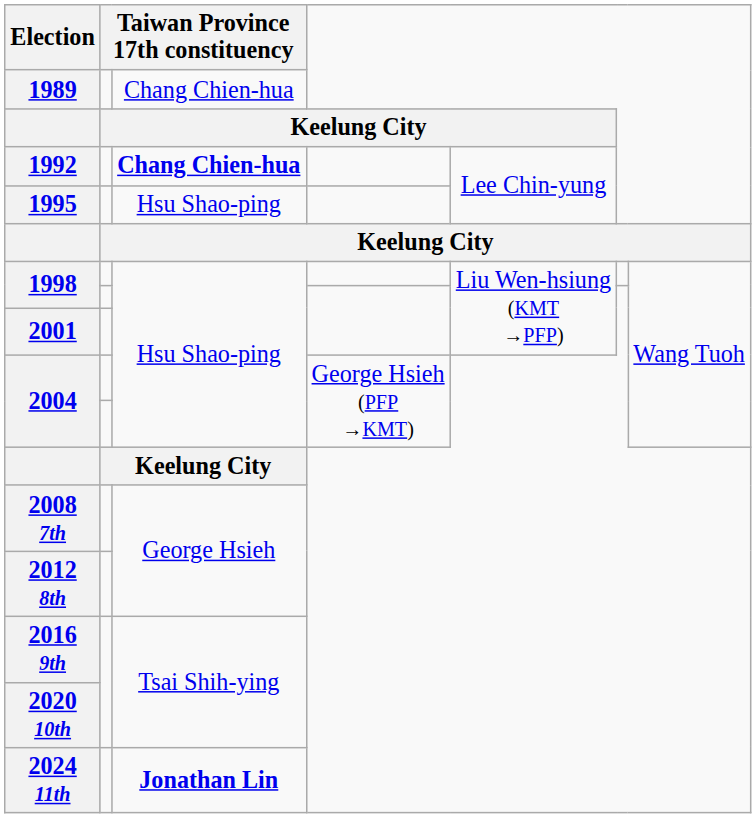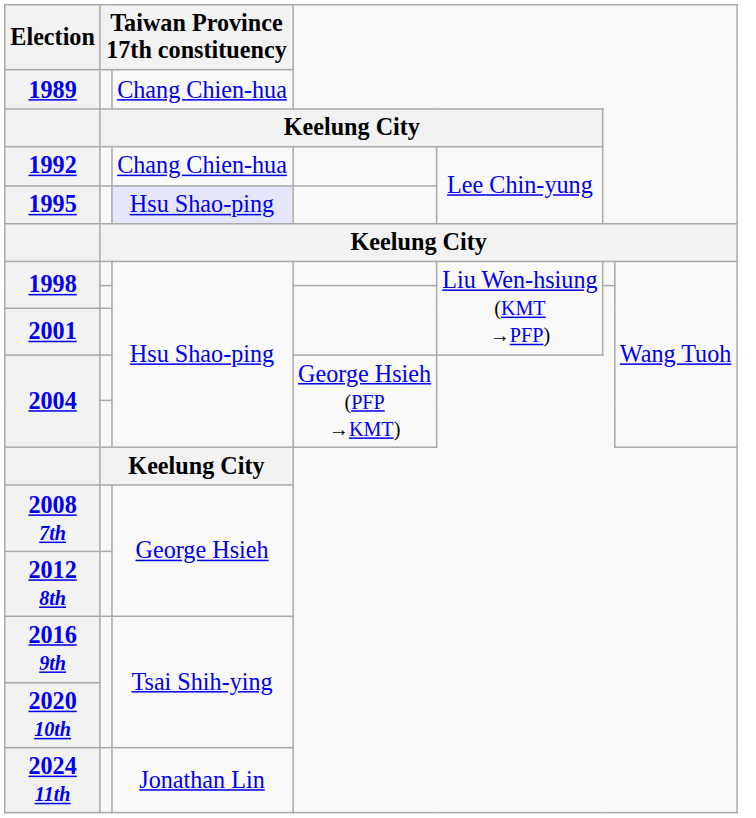 <table class=wikitable style="text-align:center">
 <tr>
 <th>Election</th>
 <th colspan="2" width="80px">Taiwan Province 17th constituency</th>
 </tr>
 <tr>
 <th><a href='#'>1989</a></th>
 <td></td>
 <td><a href='#'>Chang Chien-hua</a></td>
 </tr>
 <tr>
 <th></th>
 <th colspan=4 width="80px">Keelung City</th>
 </tr>
 <tr>
 <th><a href='#'>1992</a></th>
 <td></td>
-<td><strong><a href='#'>Chang Chien-hua</a></strong></td>
+<td><a href='#'>Chang Chien-hua</a></td>
 <td></td>
 <td rowspan=2><a href='#'>Lee Chin-yung</a></td>
 </tr>
 <tr>
 <th><a href='#'>1995</a></th>
 <td></td>
-<td><a href='#'>Hsu Shao-ping</a></td>
+<td style="background: lavender;"><a href='#'>Hsu Shao-ping</a></td>
 </tr>
 <tr>
 <th></th>
 <th colspan=6 width="80px">Keelung City</th>
 </tr>
 <tr>
 <th rowspan=2><a href='#'>1998</a></th>
 <td></td>
 <td rowspan=5><a href='#'>Hsu Shao-ping</a></td>
 <td></td>
 <td rowspan=3><a href='#'>Liu Wen-hsiung</a> <br><small>(<a href='#'>KMT</a><br>→<a href='#'>PFP</a>)</small></td>
 <td></td>
 <td rowspan=5><a href='#'>Wang Tuoh</a></td>
 </tr>
 <tr>
 <td></td>
 </tr>
 <tr>
 <th><a href='#'>2001</a></th>
 </tr>
 <tr>
 <th rowspan=2><a href='#'>2004</a></th>
 <td></td>
 <td rowspan=2><a href='#'>George Hsieh</a> <br><small>(<a href='#'>PFP</a><br>→<a href='#'>KMT</a>)</small></td>
 </tr>
 <tr>
 <td></td>
 </tr>
 <tr>
 <th></th>
 <th colspan=2 width="80px">Keelung City</th>
 </tr>
 <tr>
 <th><a href='#'>2008</a><br><small><em><a href='#'>7th</a></em></small><br></th>
 <td></td>
 <td rowspan=2><a href='#'>George Hsieh</a></td>
 </tr>
 <tr>
 <th><a href='#'>2012</a><br><small><em><a href='#'>8th</a></em></small><br></th>
 </tr>
 <tr>
 <th><a href='#'>2016</a><br><small><em><a href='#'>9th</a></em></small><br></th>
 <td rowspan="2"></td>
 <td rowspan="2"><a href='#'>Tsai Shih-ying</a></td>
 </tr>
 <tr>
 <th><a href='#'>2020</a><br><small><em><a href='#'>10th</a></em></small><br></th>
 </tr>
 <tr>
 <th><a href='#'>2024</a><br><small><em><a href='#'>11th</a></em></small><br></th>
 <td></td>
-<td><strong><a href='#'>Jonathan Lin</a></strong></td>
+<td><a href='#'>Jonathan Lin</a></td>
 </tr>
 </table>
